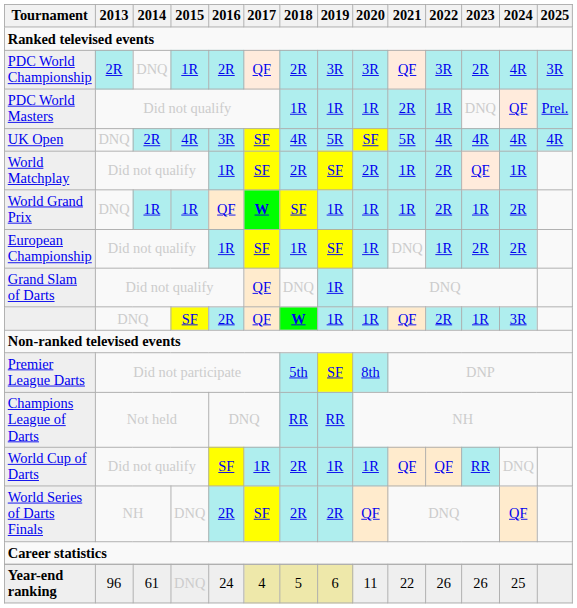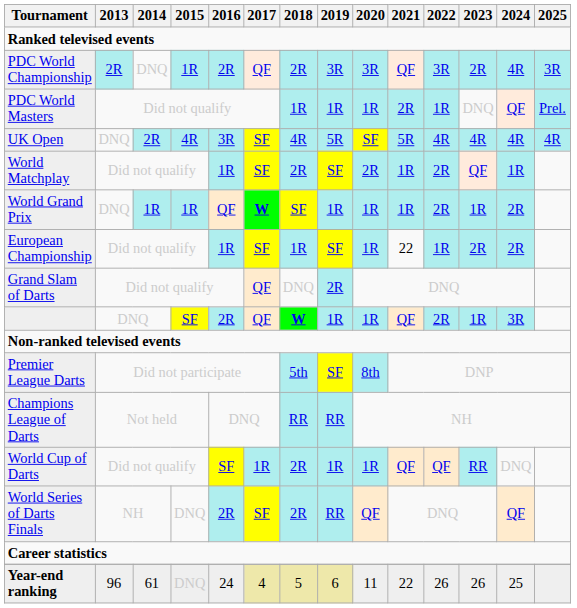 <table class="wikitable" style="width:20%; margin:0">
 <tr>
 <th>Tournament</th>
 <th>2013</th>
 <th>2014</th>
 <th>2015</th>
 <th>2016</th>
 <th>2017</th>
 <th>2018</th>
 <th>2019</th>
 <th>2020</th>
 <th>2021</th>
 <th>2022</th>
 <th>2023</th>
 <th>2024</th>
 <th>2025</th>
 </tr>
 <tr>
 <td colspan="14" align="left"><strong>Ranked televised events</strong></td>
 </tr>
 <tr>
 <td style="background:#efefef;"><a href='#'>PDC World Championship</a></td>
 <td style="text-align:center; background:#afeeee;"><a href='#'>2R</a></td>
 <td style="text-align:center; color:#ccc;">DNQ</td>
 <td style="text-align:center; background:#afeeee;"><a href='#'>1R</a></td>
 <td style="text-align:center; background:#afeeee;"><a href='#'>2R</a></td>
 <td style="text-align:center; background:#ffebdc;"><a href='#'>QF</a></td>
 <td style="text-align:center; background:#afeeee;"><a href='#'>2R</a></td>
 <td style="text-align:center; background:#afeeee;"><a href='#'>3R</a></td>
 <td style="text-align:center; background:#afeeee;"><a href='#'>3R</a></td>
 <td style="text-align:center; background:#ffebdc;"><a href='#'>QF</a></td>
 <td style="text-align:center; background:#afeeee;"><a href='#'>3R</a></td>
 <td style="text-align:center; background:#afeeee;"><a href='#'>2R</a></td>
 <td style="text-align:center; background:#afeeee;"><a href='#'>4R</a></td>
 <td style="text-align:center; background:#afeeee;"><a href='#'>3R</a></td>
 </tr>
 <tr>
 <td style="background:#efefef;"><a href='#'>PDC World Masters</a></td>
 <td colspan="5" style="text-align:center; color:#ccc;">Did not qualify</td>
 <td style="text-align:center; background:#afeeee;"><a href='#'>1R</a></td>
 <td style="text-align:center; background:#afeeee;"><a href='#'>1R</a></td>
 <td style="text-align:center; background:#afeeee;"><a href='#'>1R</a></td>
 <td style="text-align:center; background:#afeeee;"><a href='#'>2R</a></td>
 <td style="text-align:center; background:#afeeee;"><a href='#'>1R</a></td>
 <td style="text-align:center; color:#ccc;">DNQ</td>
 <td style="text-align:center; background:#ffebdc;"><a href='#'>QF</a></td>
 <td style="text-align:center; background:#afeeee;"><a href='#'>Prel.</a></td>
 </tr>
 <tr>
 <td style="background:#efefef;"><a href='#'>UK Open</a></td>
 <td style="text-align:center; color:#ccc;">DNQ</td>
 <td style="text-align:center; background:#afeeee;"><a href='#'>2R</a></td>
 <td style="text-align:center; background:#afeeee;"><a href='#'>4R</a></td>
 <td style="text-align:center; background:#afeeee;"><a href='#'>3R</a></td>
 <td style="text-align:center; background:yellow;"><a href='#'>SF</a></td>
 <td style="text-align:center; background:#afeeee;"><a href='#'>4R</a></td>
 <td style="text-align:center; background:#afeeee;"><a href='#'>5R</a></td>
 <td style="text-align:center; background:yellow;"><a href='#'>SF</a></td>
 <td style="text-align:center; background:#afeeee;"><a href='#'>5R</a></td>
 <td style="text-align:center; background:#afeeee;"><a href='#'>4R</a></td>
 <td style="text-align:center; background:#afeeee;"><a href='#'>4R</a></td>
 <td style="text-align:center; background:#afeeee;"><a href='#'>4R</a></td>
 <td style="text-align:center; background:#afeeee;"><a href='#'>4R</a></td>
 </tr>
 <tr>
 <td style="background:#efefef;"><a href='#'>World Matchplay</a></td>
 <td colspan="3" style="text-align:center; color:#ccc;">Did not qualify</td>
 <td style="text-align:center; background:#afeeee;"><a href='#'>1R</a></td>
 <td style="text-align:center; background:yellow;"><a href='#'>SF</a></td>
 <td style="text-align:center; background:#afeeee;"><a href='#'>2R</a></td>
 <td style="text-align:center; background:yellow;"><a href='#'>SF</a></td>
 <td style="text-align:center; background:#afeeee;"><a href='#'>2R</a></td>
 <td style="text-align:center; background:#afeeee;"><a href='#'>1R</a></td>
 <td style="text-align:center; background:#afeeee;"><a href='#'>2R</a></td>
 <td style="text-align:center; background:#ffebdc;"><a href='#'>QF</a></td>
 <td style="text-align:center; background:#afeeee;"><a href='#'>1R</a></td>
 <td></td>
 </tr>
 <tr>
 <td style="background:#efefef;"><a href='#'>World Grand Prix</a></td>
 <td style="text-align:center; color:#ccc;">DNQ</td>
 <td style="text-align:center; background:#afeeee;"><a href='#'>1R</a></td>
 <td style="text-align:center; background:#afeeee;"><a href='#'>1R</a></td>
 <td style="text-align:center; background:#ffebcd;"><a href='#'>QF</a></td>
 <td style="text-align:center; background:#00ff00;"><strong><a href='#'>W</a></strong></td>
 <td style="text-align:center; background:yellow;"><a href='#'>SF</a></td>
 <td style="text-align:center; background:#afeeee;"><a href='#'>1R</a></td>
 <td style="text-align:center; background:#afeeee;"><a href='#'>1R</a></td>
 <td style="text-align:center; background:#afeeee;"><a href='#'>1R</a></td>
 <td style="text-align:center; background:#afeeee;"><a href='#'>2R</a></td>
 <td style="text-align:center; background:#afeeee;"><a href='#'>1R</a></td>
 <td style="text-align:center; background:#afeeee;"><a href='#'>2R</a></td>
 <td></td>
 </tr>
 <tr>
 <td style="background:#efefef;"><a href='#'>European Championship</a></td>
 <td colspan="3" style="text-align:center; color:#ccc;">Did not qualify</td>
 <td style="text-align:center; background:#afeeee;"><a href='#'>1R</a></td>
 <td style="text-align:center; background:yellow;"><a href='#'>SF</a></td>
 <td style="text-align:center; background:#afeeee;"><a href='#'>1R</a></td>
 <td style="text-align:center; background:yellow;"><a href='#'>SF</a></td>
 <td style="text-align:center; background:#afeeee;"><a href='#'>1R</a></td>
-<td style="text-align:center; color:#ccc;">DNQ</td>
+<td style="text-align:center;">22</td>
 <td style="text-align:center; background:#afeeee;"><a href='#'>1R</a></td>
 <td style="text-align:center; background:#afeeee;"><a href='#'>2R</a></td>
 <td style="text-align:center; background:#afeeee;"><a href='#'>2R</a></td>
 <td></td>
 </tr>
 <tr>
 <td style="background:#efefef;"><a href='#'>Grand Slam of Darts</a></td>
 <td colspan="4" style="text-align:center; color:#ccc;">Did not qualify</td>
 <td style="text-align:center; background:#ffebcd;"><a href='#'>QF</a></td>
 <td style="text-align:center; color:#ccc;">DNQ</td>
-<td style="text-align:center; background:#afeeee;"><a href='#'>1R</a></td>
+<td style="text-align:center; background:#afeeee;"><a href='#'>2R</a></td>
 <td colspan="5" style="text-align:center; color:#ccc;">DNQ</td>
 <td></td>
 </tr>
 <tr>
 <td style="background:#efefef;"></td>
 <td colspan="2" style="text-align:center; color:#ccc;">DNQ</td>
 <td style="text-align:center; background:yellow;"><a href='#'>SF</a></td>
 <td style="text-align:center; background:#afeeee;"><a href='#'>2R</a></td>
 <td style="text-align:center; background:#ffebcd;"><a href='#'>QF</a></td>
 <td style="text-align:center; background:#00ff00;"><strong><a href='#'>W</a></strong></td>
 <td style="text-align:center; background:#afeeee;"><a href='#'>1R</a></td>
 <td style="text-align:center; background:#afeeee;"><a href='#'>1R</a></td>
 <td style="text-align:center; background:#ffebcd;"><a href='#'>QF</a></td>
 <td style="text-align:center; background:#afeeee;"><a href='#'>2R</a></td>
 <td style="text-align:center; background:#afeeee;"><a href='#'>1R</a></td>
 <td style="text-align:center; background:#afeeee;"><a href='#'>3R</a></td>
 <td></td>
 </tr>
 <tr>
 <td colspan="14" align="left"><strong>Non-ranked televised events</strong></td>
 </tr>
 <tr>
 <td style="background:#efefef;"><a href='#'>Premier League Darts</a></td>
 <td colspan="5" style="text-align:center; color:#ccc;">Did not participate</td>
 <td style="text-align:center; background:#afeeee;"><a href='#'>5th</a></td>
 <td style="text-align:center; background:yellow;"><a href='#'>SF</a></td>
 <td style="text-align:center; background:#afeeee;"><a href='#'>8th</a></td>
 <td colspan="5" style="text-align:center; color:#ccc;">DNP</td>
 </tr>
 <tr>
 <td style="background:#efefef;"><a href='#'>Champions League of Darts</a></td>
 <td colspan="3" style="text-align:center; color:#ccc;">Not held</td>
 <td colspan="2" style="text-align:center; color:#ccc;">DNQ</td>
 <td style="text-align:center; background:#afeeee;"><a href='#'>RR</a></td>
 <td style="text-align:center; background:#afeeee;"><a href='#'>RR</a></td>
 <td colspan="6" style="text-align:center; color:#ccc;">NH</td>
 </tr>
 <tr>
 <td style="background:#efefef;"><a href='#'>World Cup of Darts</a></td>
 <td colspan="3" style="text-align:center; color:#ccc;">Did not qualify</td>
 <td style="text-align:center; background:yellow;"><a href='#'>SF</a></td>
 <td style="text-align:center; background:#afeeee;"><a href='#'>1R</a></td>
 <td style="text-align:center; background:#afeeee;"><a href='#'>2R</a></td>
 <td style="text-align:center; background:#afeeee;"><a href='#'>1R</a></td>
 <td style="text-align:center; background:#afeeee;"><a href='#'>1R</a></td>
 <td style="text-align:center; background:#ffebcd;"><a href='#'>QF</a></td>
 <td style="text-align:center; background:#ffebcd;"><a href='#'>QF</a></td>
 <td style="text-align:center; background:#afeeee;"><a href='#'>RR</a></td>
 <td style="text-align:center; color:#ccc;">DNQ</td>
 <td></td>
 </tr>
 <tr>
 <td style="background:#efefef;"><a href='#'>World Series of Darts Finals</a></td>
 <td colspan="2" style="text-align:center; color:#ccc;">NH</td>
 <td style="text-align:center; color:#ccc;">DNQ</td>
 <td style="text-align:center; background:#afeeee;"><a href='#'>2R</a></td>
 <td style="text-align:center; background:yellow;"><a href='#'>SF</a></td>
 <td style="text-align:center; background:#afeeee;"><a href='#'>2R</a></td>
-<td style="text-align:center; background:#afeeee;"><a href='#'>2R</a></td>
+<td style="text-align:center; background:#afeeee;"><a href='#'>RR</a></td>
 <td style="text-align:center; background:#ffebcd;"><a href='#'>QF</a></td>
 <td colspan="3" style="text-align:center; color:#ccc;">DNQ</td>
 <td style="text-align:center; background:#ffebcd;"><a href='#'>QF</a></td>
 <td></td>
 </tr>
 <tr>
 <td colspan="14" align="left"><strong>Career statistics</strong></td>
 </tr>
 <tr>
 </tr>
 <tr bgcolor="efefef">
 <td align="left"><strong>Year-end ranking</strong></td>
 <td style="text-align:center;">96</td>
 <td style="text-align:center;">61</td>
 <td style="text-align:center; color:#ccc;">DNQ</td>
 <td style="text-align:center;">24</td>
 <td style="text-align:center; background:#eee8aa;">4</td>
 <td style="text-align:center; background:#eee8aa;">5</td>
 <td style="text-align:center; background:#eee8aa;">6</td>
 <td style="text-align:center;">11</td>
 <td style="text-align:center;">22</td>
 <td style="text-align:center;">26</td>
 <td style="text-align:center;">26</td>
 <td style="text-align:center;">25</td>
 <td></td>
 </tr>
 </table>
